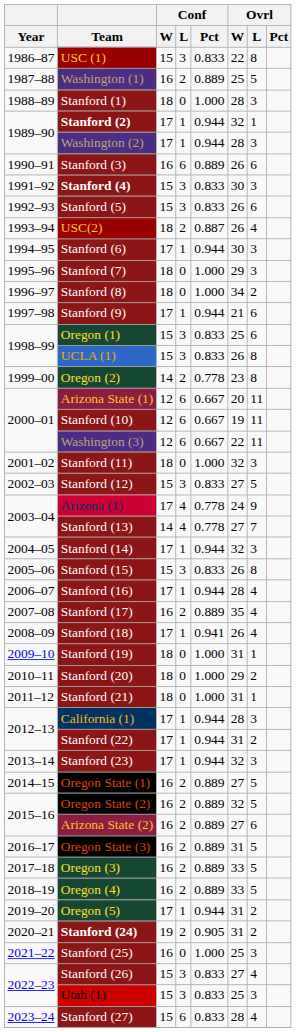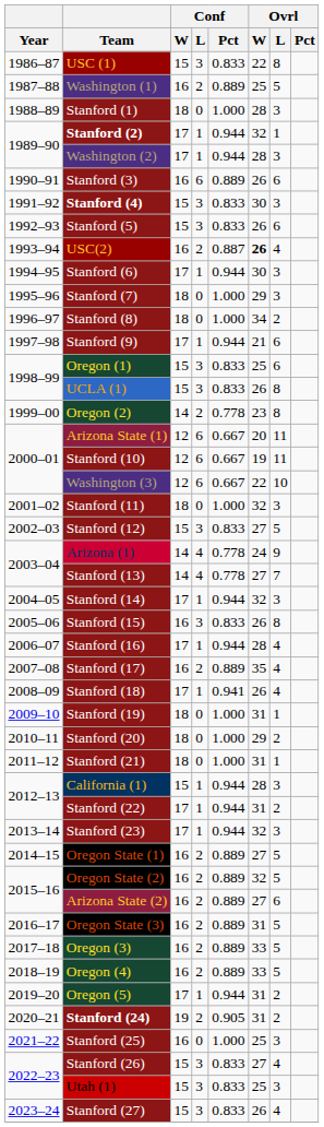 <table class="wikitable">
 <tr>
 <th></th>
 <th></th>
 <th colspan="3">Conf</th>
 <th colspan="3">Ovrl</th>
 </tr>
 <tr>
 <th>Year</th>
 <th>Team</th>
 <th>W</th>
 <th>L</th>
 <th>Pct</th>
 <th>W</th>
 <th>L</th>
 <th>Pct</th>
 </tr>
 <tr>
 <td>1986–87</td>
 <td style="background:#990000; color:#FFC72C;">USC (1)</td>
 <td>15</td>
 <td>3</td>
 <td>0.833</td>
 <td>22</td>
 <td>8</td>
 <td></td>
 </tr>
 <tr>
 <td>1987–88</td>
 <td style="background:#4B2E83; color:#B7A57A;">Washington (1)</td>
 <td>16</td>
 <td>2</td>
 <td>0.889</td>
 <td>25</td>
 <td>5</td>
 <td></td>
 </tr>
 <tr>
 <td>1988–89</td>
 <td style="background:#8C1515; color:#FFFFFF;">Stanford (1)</td>
 <td>18</td>
 <td>0</td>
 <td>1.000</td>
 <td>28</td>
 <td>3</td>
 <td></td>
 </tr>
 <tr>
 <td rowspan=2>1989–90</td>
 <td style="background:#8C1515; color:#FFFFFF;"><strong>Stanford (2)</strong></td>
 <td>17</td>
 <td>1</td>
 <td>0.944</td>
 <td>32</td>
 <td>1</td>
 <td></td>
 </tr>
 <tr>
 <td style="background:#4B2E83; color:#B7A57A;">Washington (2)</td>
 <td>17</td>
 <td>1</td>
 <td>0.944</td>
 <td>28</td>
 <td>3</td>
 <td></td>
 </tr>
 <tr>
 <td>1990–91</td>
 <td style="background:#8C1515; color:#FFFFFF;">Stanford (3)</td>
 <td>16</td>
 <td>6</td>
 <td>0.889</td>
 <td>26</td>
 <td>6</td>
 <td></td>
 </tr>
 <tr>
 <td>1991–92</td>
 <td style="background:#8C1515; color:#FFFFFF;"><strong>Stanford (4)</strong></td>
 <td>15</td>
 <td>3</td>
 <td>0.833</td>
 <td>30</td>
 <td>3</td>
 <td></td>
 </tr>
 <tr>
 <td>1992–93</td>
 <td style="background:#8C1515; color:#FFFFFF;">Stanford (5)</td>
 <td>15</td>
 <td>3</td>
 <td>0.833</td>
 <td>26</td>
 <td>6</td>
 <td></td>
 </tr>
 <tr>
 <td>1993–94</td>
 <td style="background:#990000; color:#FFC72C;">USC(2)</td>
-<td>18</td>
+<td>16</td>
 <td>2</td>
 <td>0.887</td>
-<td>26</td>
+<td><strong>26</strong></td>
 <td>4</td>
 <td></td>
 </tr>
 <tr>
 <td>1994–95</td>
 <td style="background:#8C1515; color:#FFFFFF;">Stanford (6)</td>
 <td>17</td>
 <td>1</td>
 <td>0.944</td>
 <td>30</td>
 <td>3</td>
 <td></td>
 </tr>
 <tr>
 <td>1995–96</td>
 <td style="background:#8C1515; color:#FFFFFF;">Stanford (7)</td>
 <td>18</td>
 <td>0</td>
 <td>1.000</td>
 <td>29</td>
 <td>3</td>
 <td></td>
 </tr>
 <tr>
 <td>1996–97</td>
 <td style="background:#8C1515; color:#FFFFFF;">Stanford (8)</td>
 <td>18</td>
 <td>0</td>
 <td>1.000</td>
 <td>34</td>
 <td>2</td>
 <td></td>
 </tr>
 <tr>
 <td>1997–98</td>
 <td style="background:#8C1515; color:#FFFFFF;">Stanford (9)</td>
 <td>17</td>
 <td>1</td>
 <td>0.944</td>
 <td>21</td>
 <td>6</td>
 <td></td>
 </tr>
 <tr>
 <td rowspan=2>1998–99</td>
 <td style="background:#154733; color:#FEE123;">Oregon (1)</td>
 <td>15</td>
 <td>3</td>
 <td>0.833</td>
 <td>25</td>
 <td>6</td>
 <td></td>
 </tr>
 <tr>
 <td style="background:#2D68C4; color:#F2A900;">UCLA (1)</td>
 <td>15</td>
 <td>3</td>
 <td>0.833</td>
 <td>26</td>
 <td>8</td>
 <td></td>
 </tr>
 <tr>
 <td>1999–00</td>
 <td style="background:#154733; color:#FEE123;">Oregon (2)</td>
 <td>14</td>
 <td>2</td>
 <td>0.778</td>
 <td>23</td>
 <td>8</td>
 <td></td>
 </tr>
 <tr>
 <td rowspan=3>2000–01</td>
 <td style="background:#8C1D40; color:#FFC627;">Arizona State (1)</td>
 <td>12</td>
 <td>6</td>
 <td>0.667</td>
 <td>20</td>
 <td>11</td>
 <td></td>
 </tr>
 <tr>
 <td style="background:#8C1515; color:#FFFFFF;">Stanford (10)</td>
 <td>12</td>
 <td>6</td>
 <td>0.667</td>
 <td>19</td>
 <td>11</td>
 <td></td>
 </tr>
 <tr>
 <td style="background:#4B2E83; color:#B7A57A;">Washington (3)</td>
 <td>12</td>
 <td>6</td>
 <td>0.667</td>
 <td>22</td>
-<td>11</td>
+<td>10</td>
 <td></td>
 </tr>
 <tr>
 <td>2001–02</td>
 <td style="background:#8C1515; color:#FFFFFF;">Stanford (11)</td>
 <td>18</td>
 <td>0</td>
 <td>1.000</td>
 <td>32</td>
 <td>3</td>
 <td></td>
 </tr>
 <tr>
 <td>2002–03</td>
 <td style="background:#8C1515; color:#FFFFFF;">Stanford (12)</td>
 <td>15</td>
 <td>3</td>
 <td>0.833</td>
 <td>27</td>
 <td>5</td>
 <td></td>
 </tr>
 <tr>
 <td rowspan=2>2003–04</td>
 <td style="background:#CC0033; color:#003366;">Arizona (1)</td>
-<td>17</td>
+<td>14</td>
 <td>4</td>
 <td>0.778</td>
 <td>24</td>
 <td>9</td>
 <td></td>
 </tr>
 <tr>
 <td style="background:#8C1515; color:#FFFFFF;">Stanford (13)</td>
 <td>14</td>
 <td>4</td>
 <td>0.778</td>
 <td>27</td>
 <td>7</td>
 <td></td>
 </tr>
 <tr>
 <td>2004–05</td>
 <td style="background:#8C1515; color:#FFFFFF;">Stanford (14)</td>
 <td>17</td>
 <td>1</td>
 <td>0.944</td>
 <td>32</td>
 <td>3</td>
 <td></td>
 </tr>
 <tr>
 <td>2005–06</td>
 <td style="background:#8C1515; color:#FFFFFF;">Stanford (15)</td>
-<td>15</td>
+<td>16</td>
 <td>3</td>
 <td>0.833</td>
 <td>26</td>
 <td>8</td>
 <td></td>
 </tr>
 <tr>
 <td>2006–07</td>
 <td style="background:#8C1515; color:#FFFFFF;">Stanford (16)</td>
 <td>17</td>
 <td>1</td>
 <td>0.944</td>
 <td>28</td>
 <td>4</td>
 <td></td>
 </tr>
 <tr>
 <td>2007–08</td>
 <td style="background:#8C1515; color:#FFFFFF;">Stanford (17)</td>
 <td>16</td>
 <td>2</td>
 <td>0.889</td>
 <td>35</td>
 <td>4</td>
 <td></td>
 </tr>
 <tr>
 <td>2008–09</td>
 <td style="background:#8C1515; color:#FFFFFF;">Stanford (18)</td>
 <td>17</td>
 <td>1</td>
 <td>0.941</td>
 <td>26</td>
 <td>4</td>
 <td></td>
 </tr>
 <tr>
 <td><a href='#'>2009–10</a></td>
 <td style="background:#8C1515; color:#FFFFFF;">Stanford (19)</td>
 <td>18</td>
 <td>0</td>
 <td>1.000</td>
 <td>31</td>
 <td>1</td>
 <td></td>
 </tr>
 <tr>
 <td>2010–11</td>
 <td style="background:#8C1515; color:#FFFFFF;">Stanford (20)</td>
 <td>18</td>
 <td>0</td>
 <td>1.000</td>
 <td>29</td>
 <td>2</td>
 <td></td>
 </tr>
 <tr>
 <td>2011–12</td>
 <td style="background:#8C1515; color:#FFFFFF;">Stanford (21)</td>
 <td>18</td>
 <td>0</td>
 <td>1.000</td>
 <td>31</td>
 <td>1</td>
 <td></td>
 </tr>
 <tr>
 <td rowspan=2>2012–13</td>
 <td style="background:#003262; color:#FDB515;">California (1)</td>
-<td>17</td>
+<td>15</td>
 <td>1</td>
 <td>0.944</td>
 <td>28</td>
 <td>3</td>
 <td></td>
 </tr>
 <tr>
 <td style="background:#8C1515; color:#FFFFFF;">Stanford (22)</td>
 <td>17</td>
 <td>1</td>
 <td>0.944</td>
 <td>31</td>
 <td>2</td>
 <td></td>
 </tr>
 <tr>
 <td>2013–14</td>
 <td style="background:#8C1515; color:#FFFFFF;">Stanford (23)</td>
 <td>17</td>
 <td>1</td>
 <td>0.944</td>
 <td>32</td>
 <td>3</td>
 <td></td>
 </tr>
 <tr>
 <td>2014–15</td>
 <td style="background:#000000; color:#DC4405;">Oregon State (1)</td>
 <td>16</td>
 <td>2</td>
 <td>0.889</td>
 <td>27</td>
 <td>5</td>
 <td></td>
 </tr>
 <tr>
 <td rowspan=2>2015–16</td>
 <td style="background:#000000; color:#DC4405;">Oregon State (2)</td>
 <td>16</td>
 <td>2</td>
 <td>0.889</td>
 <td>32</td>
 <td>5</td>
 <td></td>
 </tr>
 <tr>
 <td style="background:#8C1D40; color:#FFC627;">Arizona State (2)</td>
 <td>16</td>
 <td>2</td>
 <td>0.889</td>
 <td>27</td>
 <td>6</td>
 <td></td>
 </tr>
 <tr>
 <td>2016–17</td>
 <td style="background:#000000; color:#DC4405;">Oregon State (3)</td>
 <td>16</td>
 <td>2</td>
 <td>0.889</td>
 <td>31</td>
 <td>5</td>
 <td></td>
 </tr>
 <tr>
 <td>2017–18</td>
 <td style="background:#154733; color:#FEE123;">Oregon (3)</td>
 <td>16</td>
 <td>2</td>
 <td>0.889</td>
 <td>33</td>
 <td>5</td>
 <td></td>
 </tr>
 <tr>
 <td>2018–19</td>
 <td style="background:#154733; color:#FEE123;">Oregon (4)</td>
 <td>16</td>
 <td>2</td>
 <td>0.889</td>
 <td>33</td>
 <td>5</td>
 <td></td>
 </tr>
 <tr>
 <td>2019–20</td>
 <td style="background:#154733; color:#FEE123;">Oregon (5)</td>
 <td>17</td>
 <td>1</td>
 <td>0.944</td>
 <td>31</td>
 <td>2</td>
 <td></td>
 </tr>
 <tr>
 <td>2020–21</td>
 <td style="background:#8C1515; color:#FFFFFF;"><strong>Stanford (24)</strong></td>
 <td>19</td>
 <td>2</td>
 <td>0.905</td>
 <td>31</td>
 <td>2</td>
 <td></td>
 </tr>
 <tr>
 <td><a href='#'>2021–22</a></td>
 <td style="background:#8C1515; color:#FFFFFF;">Stanford (25)</td>
 <td>16</td>
 <td>0</td>
 <td>1.000</td>
 <td>25</td>
 <td>3</td>
 <td></td>
 </tr>
 <tr>
 <td rowspan=2><a href='#'>2022–23</a></td>
 <td style="background:#8C1515; color:#FFFFFF;">Stanford (26)</td>
 <td>15</td>
 <td>3</td>
 <td>0.833</td>
 <td>27</td>
 <td>4</td>
 <td></td>
 </tr>
 <tr>
 <td style="background:#CC0000; color:#000000;">Utah (1)</td>
 <td>15</td>
 <td>3</td>
 <td>0.833</td>
 <td>25</td>
 <td>3</td>
 <td></td>
 </tr>
 <tr>
 <td><a href='#'>2023–24</a></td>
 <td style="background:#8C1515; color:#FFFFFF;">Stanford (27)</td>
 <td>15</td>
-<td>6</td>
+<td>3</td>
 <td>0.833</td>
-<td>28</td>
+<td>26</td>
 <td>4</td>
 <td></td>
 </tr>
 <tr>
 </tr>
 </table>
